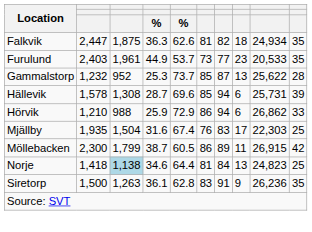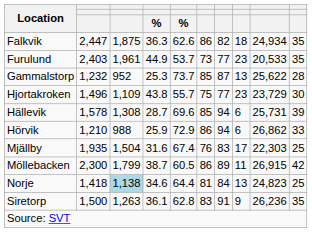 <table role="presentation" class="wikitable sortable mw-collapsible">
 <tr>
 <th rowspan="3">Location</th>
 <th></th>
 <th></th>
 <th></th>
 <th></th>
 <th></th>
 <th></th>
 <th></th>
 <th></th>
 <th></th>
 </tr>
 <tr>
 <th></th>
 <th></th>
 <th style="background:"></th>
 <th style="background:"></th>
 <th></th>
 <th></th>
 <th></th>
 <th></th>
 <th></th>
 </tr>
 <tr>
 <th data-sort-type="number"></th>
 <th data-sort-type="number"></th>
 <th data-sort-type="number">%</th>
 <th data-sort-type="number">%</th>
 <th data-sort-type="number"></th>
 <th data-sort-type="number"></th>
 <th data-sort-type="number"></th>
 <th data-sort-type="number"></th>
 <th data-sort-type="number"></th>
 </tr>
 <tr>
 <td align="left">Falkvik</td>
 <td>2,447</td>
 <td>1,875</td>
 <td>36.3</td>
 <td>62.6</td>
-<td>81</td>
+<td>86</td>
 <td>82</td>
 <td>18</td>
 <td>24,934</td>
 <td>35</td>
 </tr>
 <tr>
 <td align="left">Furulund</td>
 <td>2,403</td>
 <td>1,961</td>
 <td>44.9</td>
 <td>53.7</td>
 <td>73</td>
 <td>77</td>
 <td>23</td>
 <td>20,533</td>
 <td>35</td>
 </tr>
 <tr>
 <td align="left">Gammalstorp</td>
 <td>1,232</td>
 <td>952</td>
 <td>25.3</td>
 <td>73.7</td>
 <td>85</td>
 <td>87</td>
 <td>13</td>
 <td>25,622</td>
 <td>28</td>
+</tr>
+<tr>
+<td align="left">Hjortakroken</td>
+<td>1,496</td>
+<td>1,109</td>
+<td>43.8</td>
+<td>55.7</td>
+<td>75</td>
+<td>77</td>
+<td>23</td>
+<td>23,729</td>
+<td>30</td>
 </tr>
 <tr>
 <td align="left">Hällevik</td>
 <td>1,578</td>
 <td>1,308</td>
 <td>28.7</td>
 <td>69.6</td>
 <td>85</td>
 <td>94</td>
 <td>6</td>
 <td>25,731</td>
 <td>39</td>
 </tr>
 <tr>
 <td align="left">Hörvik</td>
 <td>1,210</td>
 <td>988</td>
 <td>25.9</td>
 <td>72.9</td>
 <td>86</td>
 <td>94</td>
 <td>6</td>
 <td>26,862</td>
 <td>33</td>
 </tr>
 <tr>
 <td align="left">Mjällby</td>
 <td>1,935</td>
 <td>1,504</td>
 <td>31.6</td>
 <td>67.4</td>
 <td>76</td>
 <td>83</td>
 <td>17</td>
 <td>22,303</td>
 <td>25</td>
 </tr>
 <tr>
 <td align="left">Möllebacken</td>
 <td>2,300</td>
 <td>1,799</td>
 <td>38.7</td>
 <td>60.5</td>
 <td>86</td>
 <td>89</td>
 <td>11</td>
 <td>26,915</td>
 <td>42</td>
 </tr>
 <tr>
 <td align="left">Norje</td>
 <td>1,418</td>
 <td style="background: lightblue;">1,138</td>
 <td>34.6</td>
 <td>64.4</td>
 <td>81</td>
 <td>84</td>
 <td>13</td>
 <td>24,823</td>
 <td>25</td>
 </tr>
 <tr>
 <td align="left">Siretorp</td>
 <td>1,500</td>
 <td>1,263</td>
 <td>36.1</td>
 <td>62.8</td>
 <td>83</td>
 <td>91</td>
 <td>9</td>
 <td>26,236</td>
 <td>35</td>
 </tr>
 <tr>
 <td colspan="10" align="left">Source: <a href='#'>SVT</a></td>
 </tr>
 </table>
